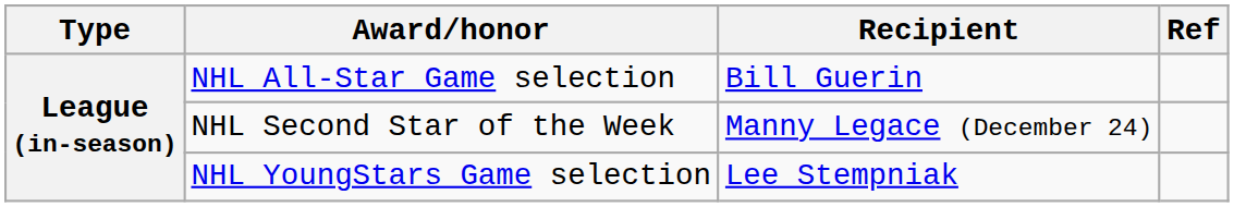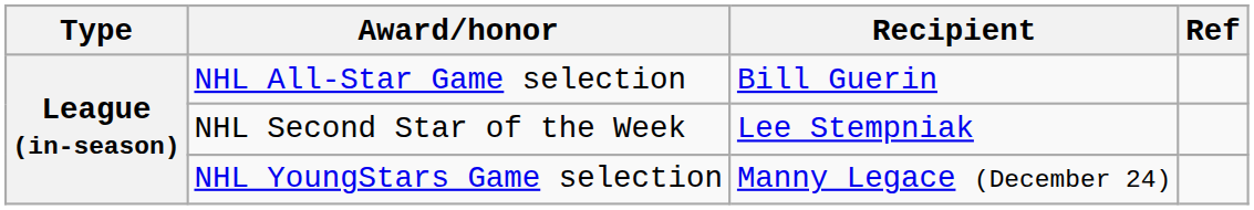 <table class="wikitable">
 <tr>
 <th scope="col">Type</th>
 <th scope="col">Award/honor</th>
 <th scope="col">Recipient</th>
 <th scope="col">Ref</th>
 </tr>
 <tr>
 <th scope="row" rowspan="3">League<br><small>(in-season)</small></th>
 <td><a href='#'>NHL All-Star Game</a> selection</td>
 <td><a href='#'>Bill Guerin</a></td>
 <td></td>
 </tr>
 <tr>
 <td>NHL Second Star of the Week</td>
-<td><a href='#'>Manny Legace</a> <small>(December 24)</small></td>
+<td><a href='#'>Lee Stempniak</a></td>
 <td></td>
 </tr>
 <tr>
 <td><a href='#'>NHL YoungStars Game</a> selection</td>
-<td><a href='#'>Lee Stempniak</a></td>
+<td><a href='#'>Manny Legace</a> <small>(December 24)</small></td>
 <td></td>
 </tr>
 </table>
